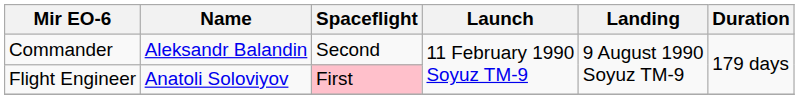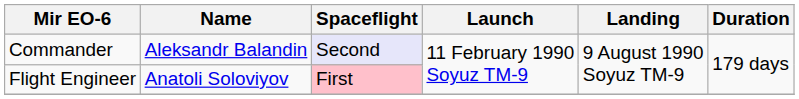 <table class="wikitable">
 <tr>
 <th>Mir EO-6</th>
 <th>Name</th>
 <th>Spaceflight</th>
 <th>Launch</th>
 <th>Landing</th>
 <th>Duration</th>
 </tr>
 <tr>
 <td>Commander</td>
 <td> <a href='#'>Aleksandr Balandin</a></td>
-<td>Second</td>
+<td style="background: lavender;">Second</td>
 <td rowspan="2">11 February 1990 <br> <a href='#'>Soyuz TM-9</a></td>
 <td rowspan="2">9 August 1990 <br> Soyuz TM-9</td>
 <td rowspan="2">179 days</td>
 </tr>
 <tr>
 <td>Flight Engineer</td>
 <td> <a href='#'>Anatoli Soloviyov</a></td>
 <td style="background: pink;">First</td>
 </tr>
 <tr>
 </tr>
 </table>
